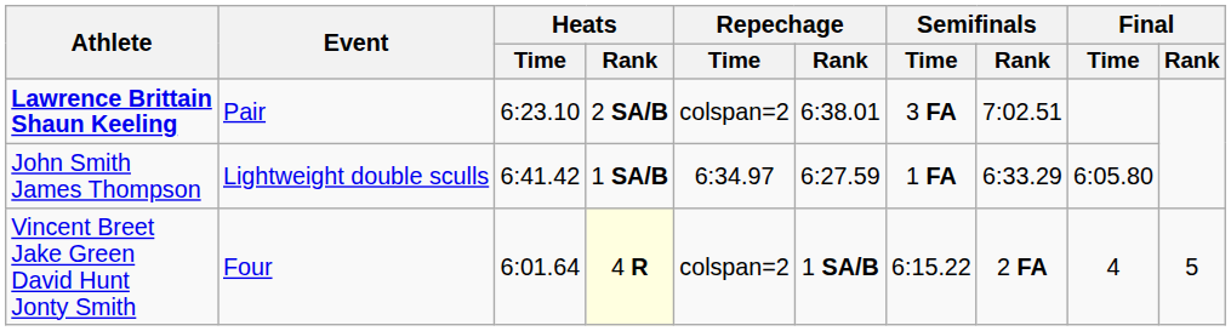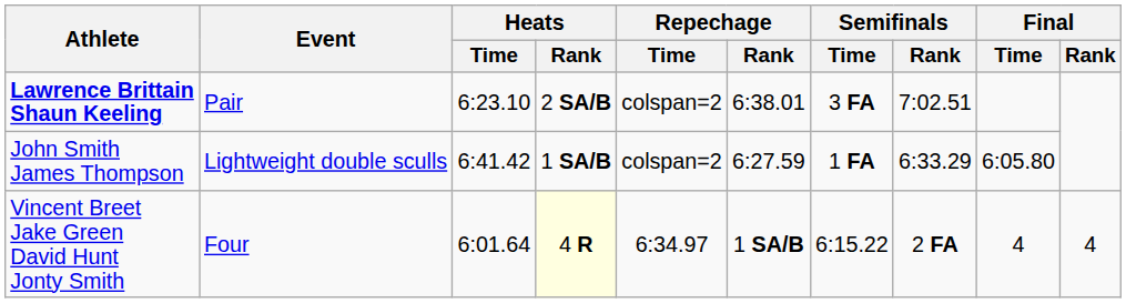 <table class="wikitable" style="font-size:90%">
 <tr>
 <th rowspan="2">Athlete</th>
 <th rowspan="2">Event</th>
 <th colspan="2">Heats</th>
 <th colspan="2">Repechage</th>
 <th colspan="2">Semifinals</th>
 <th colspan="2">Final</th>
 </tr>
 <tr style="font-size:95%">
 <th>Time</th>
 <th>Rank</th>
 <th>Time</th>
 <th>Rank</th>
 <th>Time</th>
 <th>Rank</th>
 <th>Time</th>
 <th>Rank</th>
 </tr>
 <tr align=center>
 <td align=left><strong><a href='#'>Lawrence Brittain</a><br><a href='#'>Shaun Keeling</a></strong></td>
 <td align=left><a href='#'>Pair</a></td>
 <td>6:23.10</td>
 <td>2 <strong>SA/B</strong></td>
 <td>colspan=2 </td>
 <td>6:38.01</td>
 <td>3 <strong>FA</strong></td>
 <td>7:02.51</td>
 <td></td>
 </tr>
 <tr align=center>
 <td align=left><a href='#'>John Smith</a><br><a href='#'>James Thompson</a></td>
 <td align=left><a href='#'>Lightweight double sculls</a></td>
 <td>6:41.42</td>
 <td>1 <strong>SA/B</strong></td>
-<td>6:34.97</td>
+<td>colspan=2 </td>
 <td>6:27.59</td>
 <td>1 <strong>FA</strong></td>
 <td>6:33.29</td>
 <td>6:05.80</td>
 </tr>
 <tr align=center>
 <td align=left><a href='#'>Vincent Breet</a><br><a href='#'>Jake Green</a><br><a href='#'>David Hunt</a><br><a href='#'>Jonty Smith</a></td>
 <td align=left><a href='#'>Four</a></td>
 <td>6:01.64</td>
 <td style="background: lightyellow;">4 <strong>R</strong></td>
-<td>colspan=2 </td>
+<td>6:34.97</td>
 <td>1 <strong>SA/B</strong></td>
 <td>6:15.22</td>
 <td>2 <strong>FA</strong></td>
 <td>4</td>
-<td>5</td>
+<td>4</td>
 </tr>
 </table>
